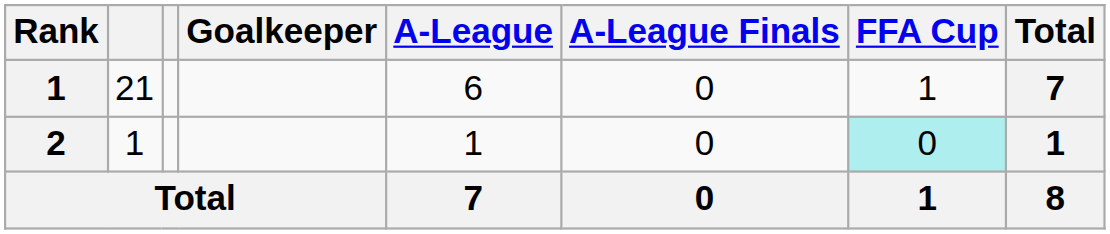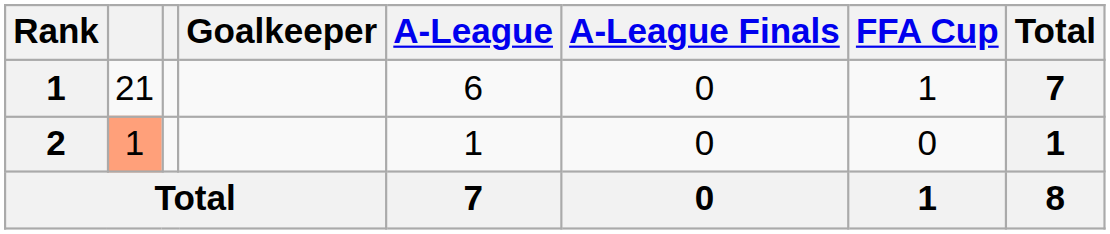 <table class="wikitable" style="text-align:center">
 <tr>
 <th>Rank</th>
 <th></th>
 <th></th>
 <th>Goalkeeper</th>
 <th><a href='#'>A-League</a></th>
 <th><a href='#'>A-League Finals</a></th>
 <th><a href='#'>FFA Cup</a></th>
 <th>Total</th>
 </tr>
 <tr>
 <th>1</th>
 <td>21</td>
 <td></td>
 <td align="left"></td>
 <td>6</td>
 <td>0</td>
 <td>1</td>
 <th>7</th>
 </tr>
 <tr>
 <th>2</th>
-<td>1</td>
+<td style="background: lightsalmon;">1</td>
 <td></td>
 <td align="left"></td>
 <td>1</td>
 <td>0</td>
-<td style="background: paleturquoise;">0</td>
+<td>0</td>
 <th>1</th>
 </tr>
 <tr>
 <th colspan="4">Total</th>
 <th>7</th>
 <th>0</th>
 <th>1</th>
 <th>8</th>
 </tr>
 </table>
